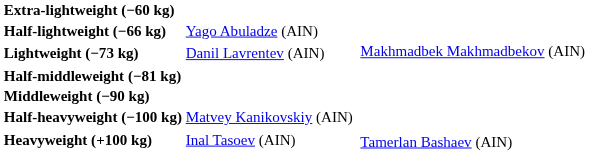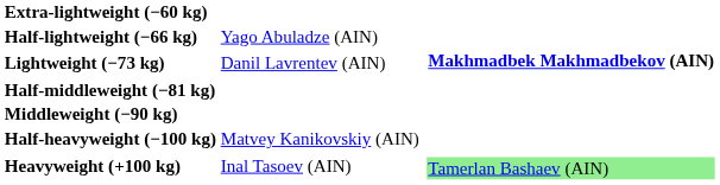 <table>
 <tr>
 <th rowspan=2 style="text-align:left;">Extra-lightweight (−60 kg)</th>
 <td rowspan=2></td>
 <td rowspan=2></td>
 <td></td>
 </tr>
 <tr>
 <td></td>
 </tr>
 <tr>
 <th rowspan=2 style="text-align:left;">Half-lightweight (−66 kg)</th>
 <td rowspan=2> <a href='#'>Yago Abuladze</a> <span>(<abbr>AIN</abbr>)</span></td>
 <td rowspan=2></td>
 <td></td>
 </tr>
 <tr>
 <td></td>
 </tr>
 <tr>
 <th rowspan=2 style="text-align:left;">Lightweight (−73 kg)</th>
 <td rowspan=2> <a href='#'>Danil Lavrentev</a> <span>(<abbr>AIN</abbr>)</span></td>
 <td rowspan=2></td>
-<td> <a href='#'>Makhmadbek Makhmadbekov</a> <span>(<abbr>AIN</abbr>)</span></td>
+<td><strong> <a href='#'>Makhmadbek Makhmadbekov</a> <span>(<abbr>AIN</abbr>)</span></strong></td>
 </tr>
 <tr>
 <td></td>
 </tr>
 <tr>
 <th rowspan=2 style="text-align:left;">Half-middleweight (−81 kg)</th>
 <td rowspan=2></td>
 <td rowspan=2></td>
 <td></td>
 </tr>
 <tr>
 <td></td>
 </tr>
 <tr>
 <th rowspan=2 style="text-align:left;">Middleweight (−90 kg)</th>
 <td rowspan=2></td>
 <td rowspan=2></td>
 <td></td>
 </tr>
 <tr>
 <td></td>
 </tr>
 <tr>
 <th rowspan=2 style="text-align:left;">Half-heavyweight (−100 kg)</th>
 <td rowspan=2> <a href='#'>Matvey Kanikovskiy</a> <span>(<abbr>AIN</abbr>)</span></td>
 <td rowspan=2></td>
 <td></td>
 </tr>
 <tr>
 <td></td>
 </tr>
 <tr>
 <th rowspan=2 style="text-align:left;">Heavyweight (+100 kg)</th>
 <td rowspan=2> <a href='#'>Inal Tasoev</a> <span>(<abbr>AIN</abbr>)</span></td>
 <td rowspan=2></td>
 <td></td>
 </tr>
 <tr>
-<td> <a href='#'>Tamerlan Bashaev</a> <span>(<abbr>AIN</abbr>)</span></td>
+<td style="background: lightgreen;"> <a href='#'>Tamerlan Bashaev</a> <span>(<abbr>AIN</abbr>)</span></td>
 </tr>
 </table>
